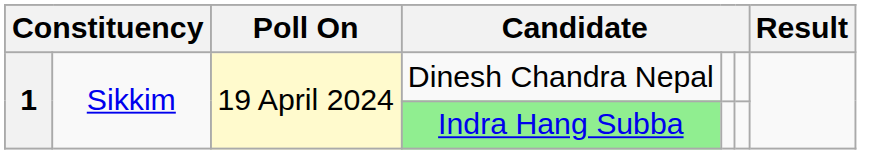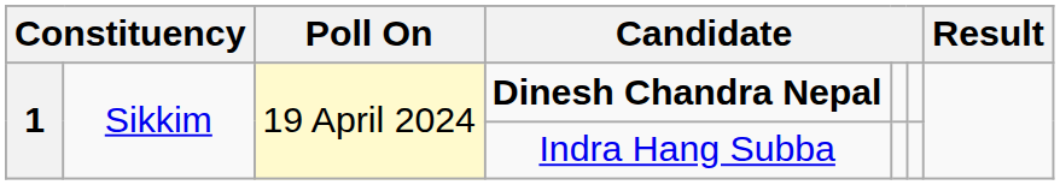 <table class="wikitable" style="text-align:center;">
 <tr>
 <th colspan="2">Constituency</th>
 <th>Poll On</th>
 <th colspan="3">Candidate</th>
 <th>Result</th>
 </tr>
 <tr>
 <th rowspan="2">1</th>
 <td rowspan="2"><a href='#'>Sikkim</a></td>
 <td rowspan="2" bgcolor=#FFFACD>19 April 2024</td>
-<td>Dinesh Chandra Nepal</td>
+<td><strong>Dinesh Chandra Nepal</strong></td>
 <td></td>
 <td></td>
 </tr>
 <tr>
-<td style="background: lightgreen;"><a href='#'>Indra Hang Subba</a></td>
+<td><a href='#'>Indra Hang Subba</a></td>
 <td></td>
 <td></td>
 </tr>
 </table>
